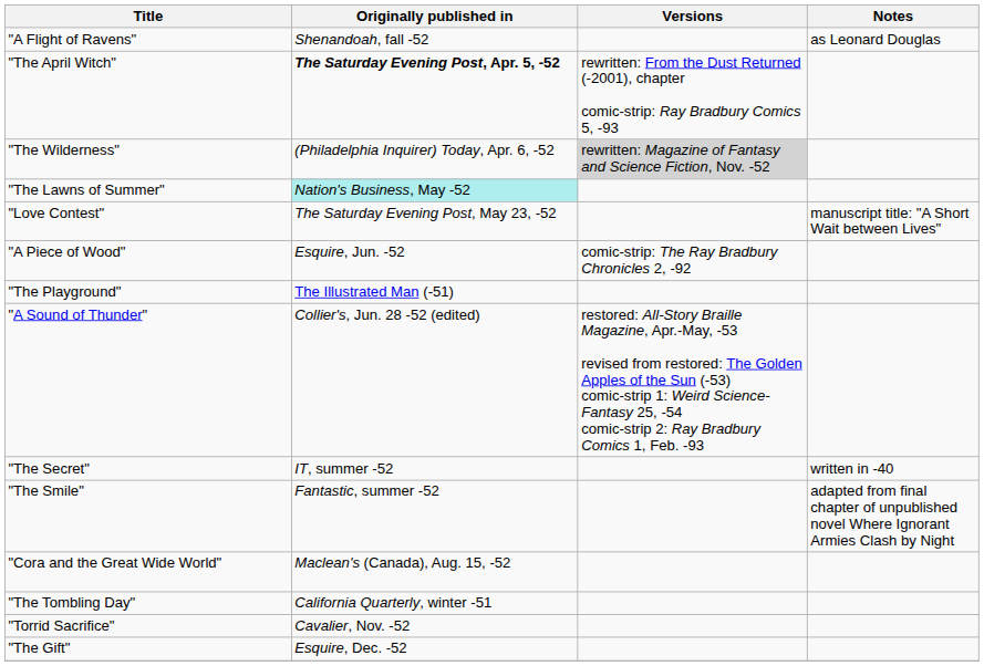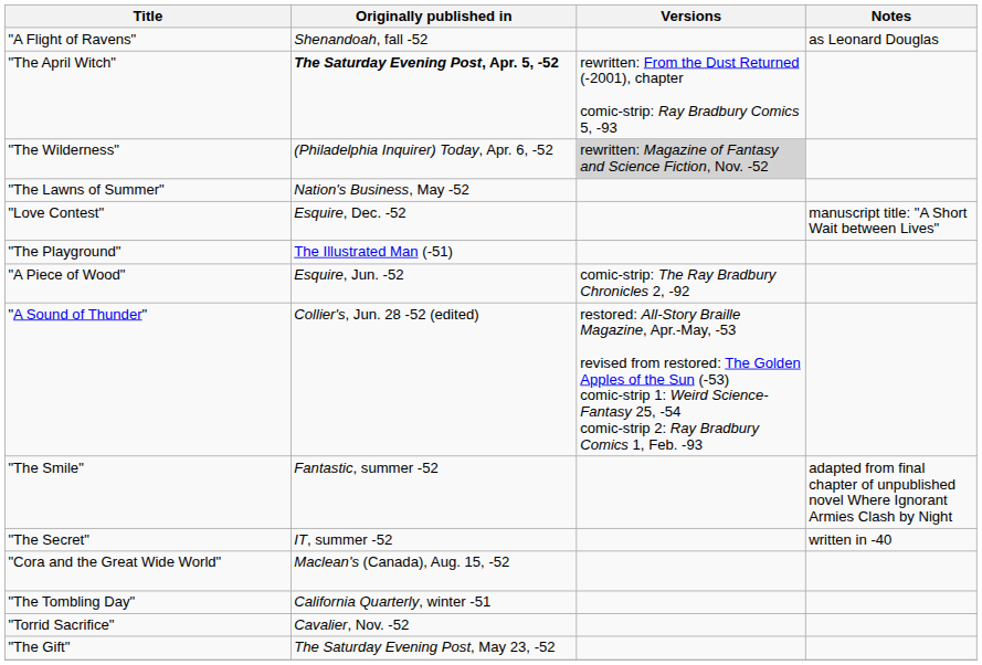 <table class="wikitable" style="width: 85%" style="width: 85%">
 <tr valign="top">
 <th width="25%">Title</th>
 <th width="25%">Originally published in</th>
 <th width="20%">Versions</th>
 <th width="15%">Notes</th>
 </tr>
 <tr valign="top">
 <td>"A Flight of Ravens"</td>
 <td><em>Shenandoah</em>, fall -52</td>
 <td></td>
 <td>as Leonard Douglas</td>
 </tr>
 <tr valign="top">
 <td>"The April Witch" <br><br></td>
 <td><strong><em>The Saturday Evening Post</em>, Apr. 5, -52</strong></td>
 <td>rewritten: <a href='#'>From the Dust Returned</a> (-2001), chapter <br><br>comic-strip: <em>Ray Bradbury Comics</em> 5, -93</td>
 <td></td>
 </tr>
 <tr valign="top">
 <td>"The Wilderness" <br><br></td>
 <td><em>(Philadelphia Inquirer) Today</em>, Apr. 6, -52</td>
 <td style="background: lightgrey;">rewritten: <em>Magazine of Fantasy and Science Fiction</em>, Nov. -52</td>
 <td></td>
 </tr>
 <tr valign="top">
 <td>"The Lawns of Summer"</td>
-<td style="background: paleturquoise;"><em>Nation's Business</em>, May -52</td>
+<td><em>Nation's Business</em>, May -52</td>
 <td></td>
 <td></td>
 </tr>
 <tr valign="top">
 <td>"Love Contest"</td>
-<td><em>The Saturday Evening Post</em>, May 23, -52</td>
+<td><em>Esquire</em>, Dec. -52</td>
 <td></td>
 <td>manuscript title: "A Short Wait between Lives"</td>
+</tr>
+<tr valign="top">
+<td>"The Playground"</td>
+<td><a href='#'>The Illustrated Man</a> (-51)</td>
+<td></td>
+<td></td>
 </tr>
 <tr valign="top">
 <td>"A Piece of Wood"</td>
 <td><em>Esquire</em>, Jun. -52</td>
 <td>comic-strip: <em>The Ray Bradbury Chronicles</em> 2, -92</td>
-<td></td>
-</tr>
-<tr valign="top">
-<td>"The Playground"</td>
-<td><a href='#'>The Illustrated Man</a> (-51)</td>
-<td></td>
 <td></td>
 </tr>
 <tr valign="top">
 <td>"<a href='#'>A Sound of Thunder</a>"</td>
 <td><em>Collier's</em>, Jun. 28 -52 (edited)</td>
 <td>restored: <em>All-Story Braille Magazine</em>, Apr.-May, -53 <br><br>revised from restored: <a href='#'>The Golden Apples of the Sun</a> (-53) <br> comic-strip 1: <em>Weird Science-Fantasy</em> 25, -54 <br> comic-strip 2: <em>Ray Bradbury Comics</em> 1, Feb. -93</td>
 <td></td>
 </tr>
 <tr valign="top">
+<td>"The Smile"</td>
+<td><em>Fantastic</em>, summer -52</td>
+<td></td>
+<td>adapted from final chapter of unpublished novel Where Ignorant Armies Clash by Night</td>
+</tr>
+<tr valign="top">
 <td>"The Secret"</td>
 <td><em>IT</em>, summer -52</td>
 <td></td>
 <td>written in -40</td>
-</tr>
-<tr valign="top">
-<td>"The Smile"</td>
-<td><em>Fantastic</em>, summer -52</td>
-<td></td>
-<td>adapted from final chapter of unpublished novel Where Ignorant Armies Clash by Night</td>
 </tr>
 <tr valign="top">
 <td>"Cora and the Great Wide World" <br><br></td>
 <td><em>Maclean's</em> (Canada), Aug. 15, -52</td>
 <td></td>
 <td></td>
 </tr>
 <tr valign="top">
 <td>"The Tombling Day"</td>
 <td><em>California Quarterly</em>, winter -51</td>
 <td></td>
 <td></td>
 </tr>
 <tr valign="top">
 <td>"Torrid Sacrifice"</td>
 <td><em>Cavalier</em>, Nov. -52</td>
 <td></td>
 <td></td>
 </tr>
 <tr valign="top">
 <td>"The Gift"</td>
-<td><em>Esquire</em>, Dec. -52</td>
+<td><em>The Saturday Evening Post</em>, May 23, -52</td>
 <td></td>
 <td></td>
 </tr>
 <tr valign="top">
 </tr>
 </table>
